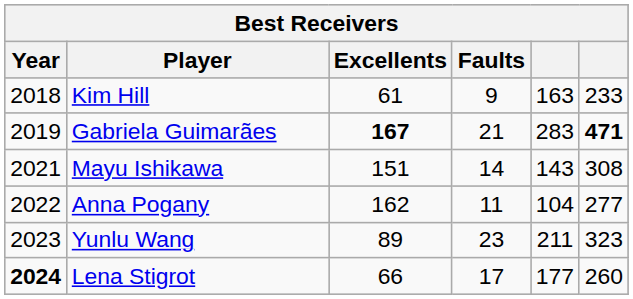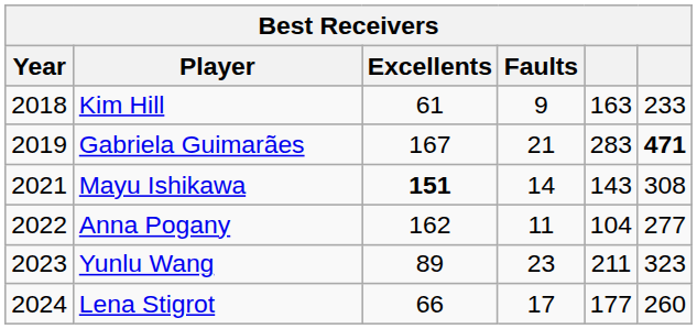 <table class="wikitable sortable" style=font-size:90%>
 <tr>
 <th colspan=7>Best Receivers</th>
 </tr>
 <tr>
 <th width=20>Year</th>
 <th width=158>Player</th>
 <th width=20>Excellents</th>
 <th width=20>Faults</th>
 <th width=20></th>
 <th width=20></th>
 </tr>
 <tr>
 <td>2018</td>
 <td> <a href='#'>Kim Hill</a></td>
 <td align=center>61</td>
 <td align=center>9</td>
 <td align=center>163</td>
 <td align=center>233</td>
 </tr>
 <tr>
 <td>2019</td>
 <td> <a href='#'>Gabriela Guimarães</a></td>
-<td align=center><strong>167</strong></td>
+<td align=center>167</td>
 <td align=center>21</td>
 <td align=center>283</td>
 <td align=center><strong>471</strong></td>
 </tr>
 <tr>
 <td>2021</td>
 <td> <a href='#'>Mayu Ishikawa</a></td>
-<td align=center>151</td>
+<td align=center><strong>151</strong></td>
 <td align=center>14</td>
 <td align=center>143</td>
 <td align=center>308</td>
 </tr>
 <tr>
 <td>2022</td>
 <td> <a href='#'>Anna Pogany</a></td>
 <td align=center>162</td>
 <td align=center>11</td>
 <td align=center>104</td>
 <td align=center>277</td>
 </tr>
 <tr>
 <td>2023</td>
 <td> <a href='#'>Yunlu Wang</a></td>
 <td align=center>89</td>
 <td align=center>23</td>
 <td align=center>211</td>
 <td align=center>323</td>
 </tr>
 <tr>
-<td><strong>2024</strong></td>
+<td>2024</td>
 <td> <a href='#'>Lena Stigrot</a></td>
 <td align=center>66</td>
 <td align=center>17</td>
 <td align=center>177</td>
 <td align=center>260</td>
 </tr>
 </table>
